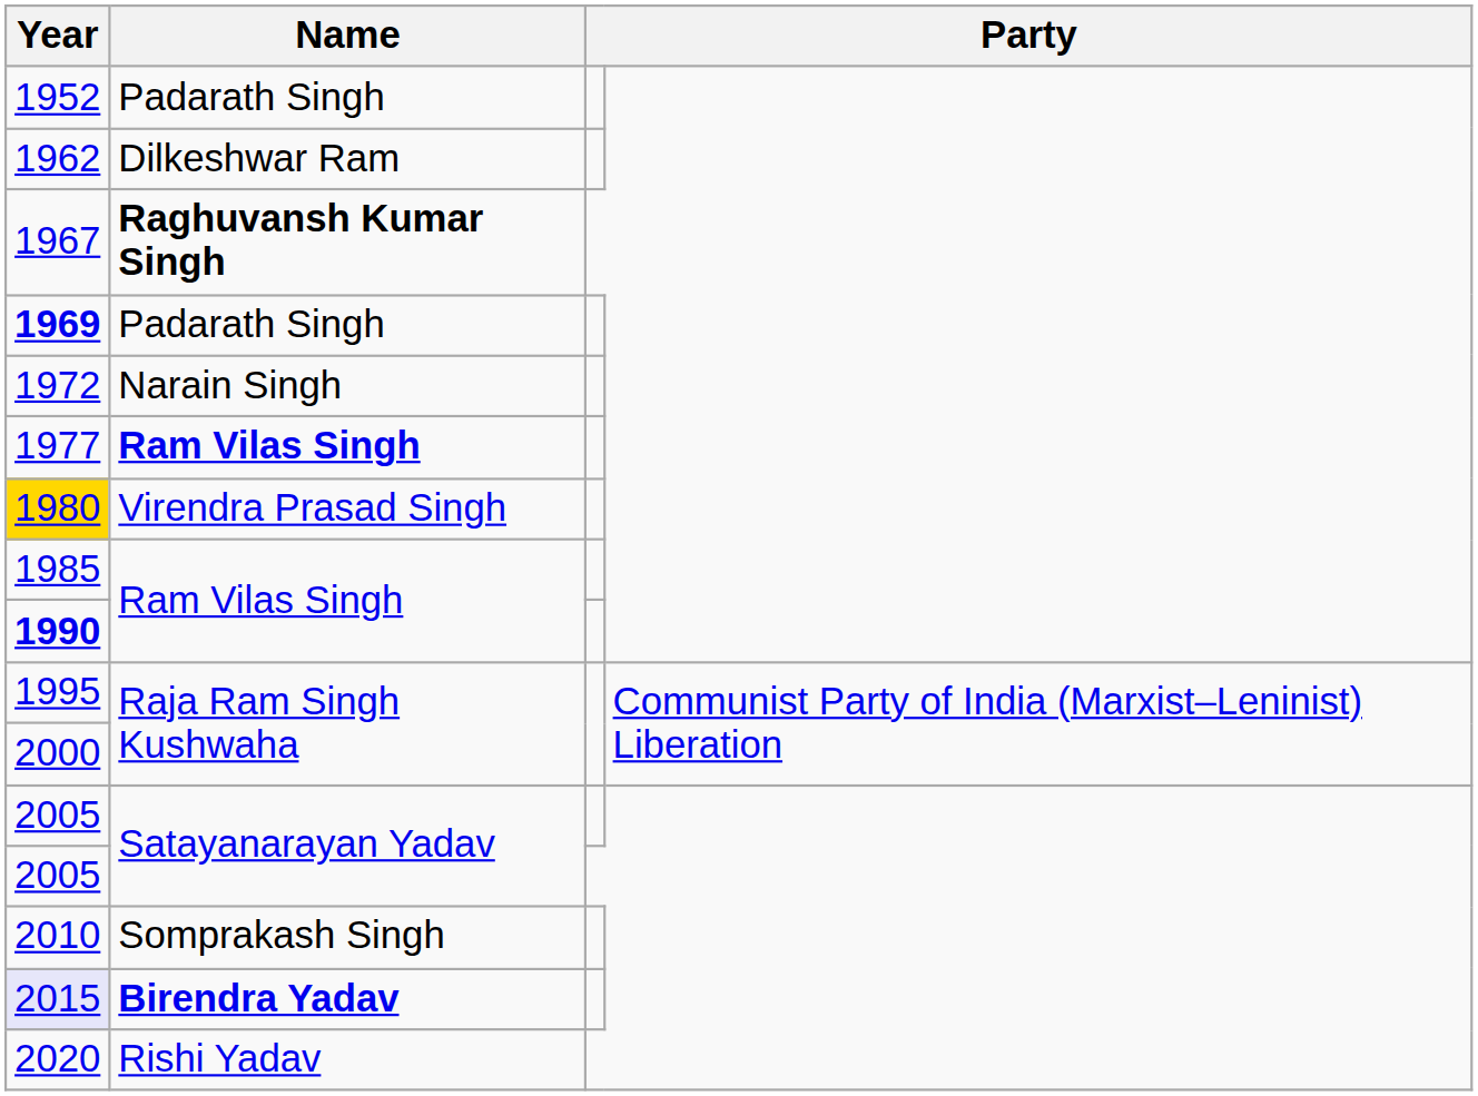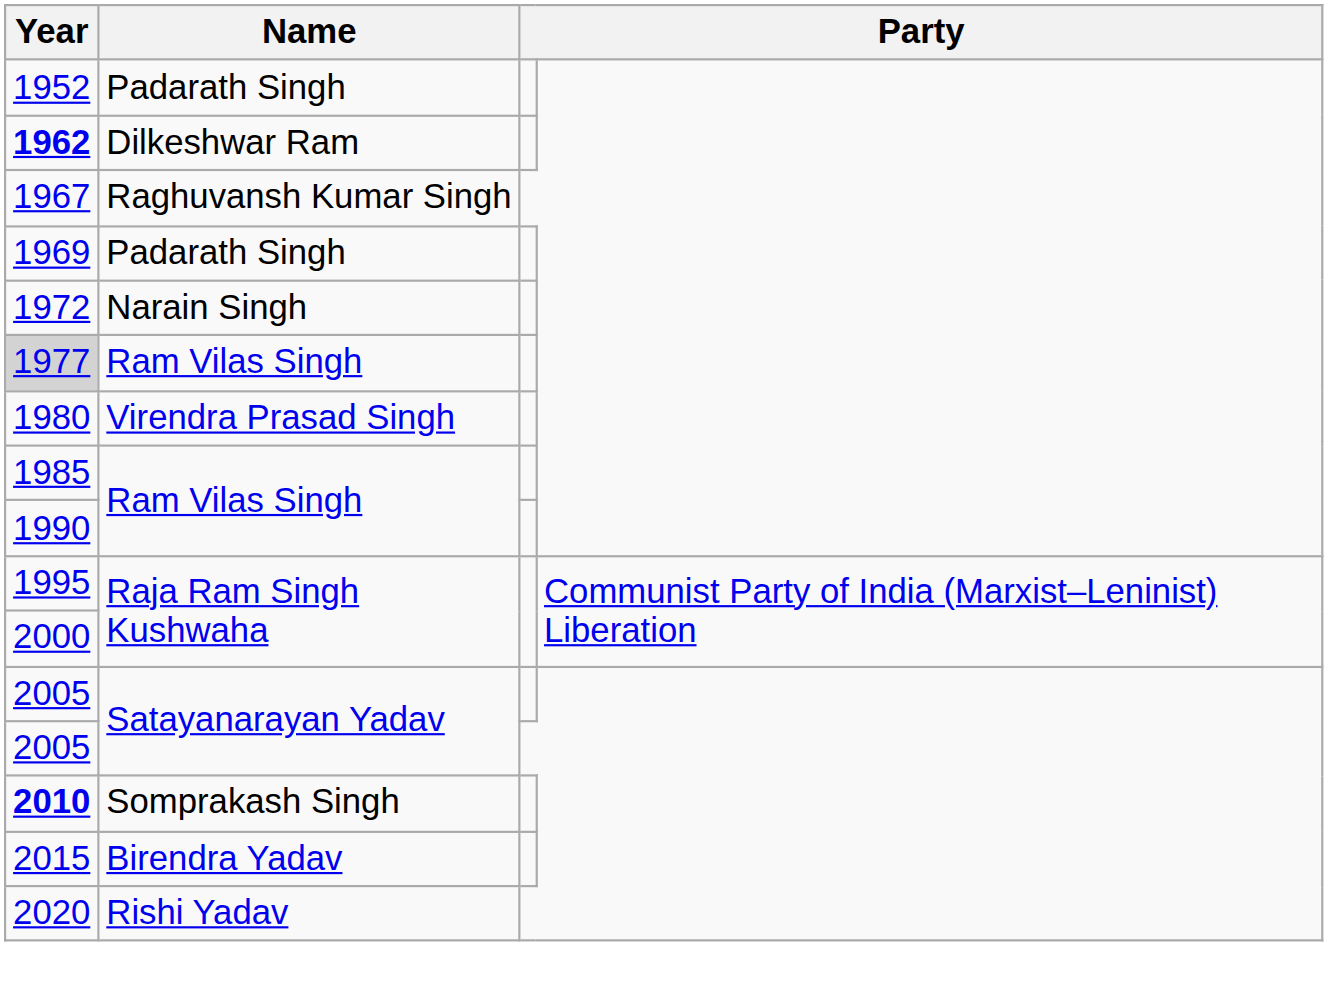 <table class="wikitable sortable">
 <tr>
 <th>Year</th>
 <th>Name</th>
 <th colspan="2">Party</th>
 </tr>
 <tr>
 <td><a href='#'>1952</a></td>
 <td>Padarath Singh</td>
 <td></td>
 </tr>
 <tr>
-<td><a href='#'>1962</a></td>
+<td><strong><a href='#'>1962</a></strong></td>
 <td>Dilkeshwar Ram</td>
 <td></td>
 </tr>
 <tr>
 <td><a href='#'>1967</a></td>
-<td><strong>Raghuvansh Kumar Singh</strong></td>
+<td>Raghuvansh Kumar Singh</td>
 </tr>
 <tr>
-<td><strong><a href='#'>1969</a></strong></td>
+<td><a href='#'>1969</a></td>
 <td>Padarath Singh</td>
 <td></td>
 </tr>
 <tr>
 <td><a href='#'>1972</a></td>
 <td>Narain Singh</td>
 <td></td>
 </tr>
 <tr>
-<td><a href='#'>1977</a></td>
-<td><strong><a href='#'>Ram Vilas Singh</a></strong></td>
+<td style="background: lightgrey;"><a href='#'>1977</a></td>
+<td><a href='#'>Ram Vilas Singh</a></td>
 <td></td>
 </tr>
 <tr>
-<td style="background: gold;"><a href='#'>1980</a></td>
+<td><a href='#'>1980</a></td>
 <td><a href='#'>Virendra Prasad Singh</a></td>
 <td></td>
 </tr>
 <tr>
 <td><a href='#'>1985</a></td>
 <td rowspan="2"><a href='#'>Ram Vilas Singh</a></td>
 <td></td>
 </tr>
 <tr>
-<td><strong><a href='#'>1990</a></strong></td>
+<td><a href='#'>1990</a></td>
 <td></td>
 </tr>
 <tr>
 <td><a href='#'>1995</a></td>
 <td rowspan="2"><a href='#'>Raja Ram Singh Kushwaha</a></td>
 <td rowspan="2" style="background-color: "></td>
 <td rowspan="2"><a href='#'>Communist Party of India (Marxist–Leninist) Liberation</a></td>
 </tr>
 <tr>
 <td><a href='#'>2000</a></td>
 </tr>
 <tr>
 <td><a href='#'>2005</a></td>
 <td rowspan="2"><a href='#'>Satayanarayan Yadav</a></td>
 <td></td>
 </tr>
 <tr>
 <td><a href='#'>2005</a></td>
 </tr>
 <tr>
-<td><a href='#'>2010</a></td>
+<td><strong><a href='#'>2010</a></strong></td>
 <td>Somprakash Singh</td>
 <td></td>
 </tr>
 <tr>
-<td style="background: lavender;"><a href='#'>2015</a></td>
-<td><strong><a href='#'>Birendra Yadav</a></strong></td>
+<td><a href='#'>2015</a></td>
+<td><a href='#'>Birendra Yadav</a></td>
 <td></td>
 </tr>
 <tr>
 <td><a href='#'>2020</a></td>
 <td><a href='#'>Rishi Yadav</a></td>
 </tr>
 </table>
